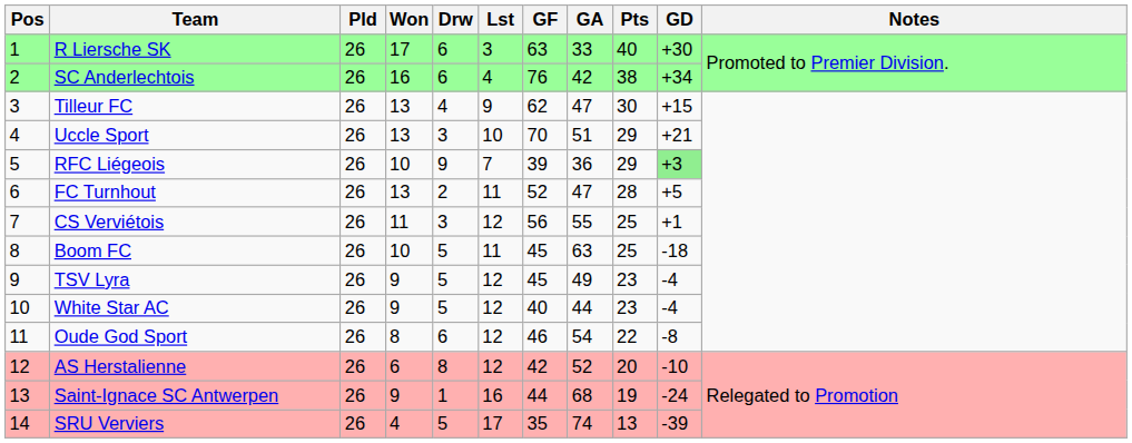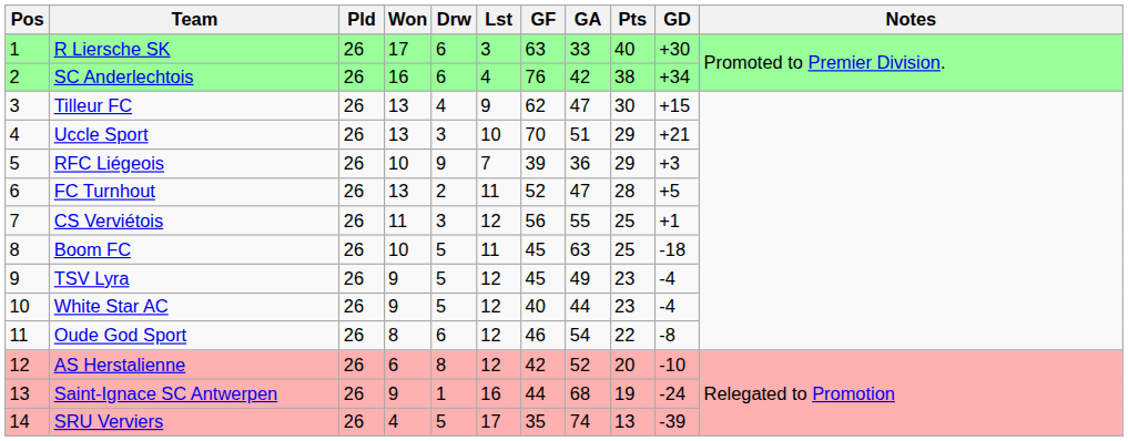 <table class="wikitable" width=70% style="font-size:90%">
 <tr>
 <th width=4%><strong>Pos</strong></th>
 <th width=26%><strong>Team</strong></th>
 <th width=4%><strong>Pld</strong></th>
 <th width=4%><strong>Won</strong></th>
 <th width=4%><strong>Drw</strong></th>
 <th width=4%><strong>Lst</strong></th>
 <th width=4%><strong>GF</strong></th>
 <th width=4%><strong>GA</strong></th>
 <th width=4%><strong>Pts</strong></th>
 <th width=4%><strong>GD</strong></th>
 <th width=38%><strong>Notes</strong></th>
 </tr>
 <tr bgcolor=#99ff99>
 <td>1</td>
 <td><a href='#'>R Liersche SK</a></td>
 <td>26</td>
 <td>17</td>
 <td>6</td>
 <td>3</td>
 <td>63</td>
 <td>33</td>
 <td>40</td>
 <td>+30</td>
 <td rowspan=2>Promoted to <a href='#'>Premier Division</a>.</td>
 </tr>
 <tr bgcolor=#99ff99>
 <td>2</td>
 <td><a href='#'>SC Anderlechtois</a></td>
 <td>26</td>
 <td>16</td>
 <td>6</td>
 <td>4</td>
 <td>76</td>
 <td>42</td>
 <td>38</td>
 <td>+34</td>
 </tr>
 <tr>
 <td>3</td>
 <td><a href='#'>Tilleur FC</a></td>
 <td>26</td>
 <td>13</td>
 <td>4</td>
 <td>9</td>
 <td>62</td>
 <td>47</td>
 <td>30</td>
 <td>+15</td>
 </tr>
 <tr>
 <td>4</td>
 <td><a href='#'>Uccle Sport</a></td>
 <td>26</td>
 <td>13</td>
 <td>3</td>
 <td>10</td>
 <td>70</td>
 <td>51</td>
 <td>29</td>
 <td>+21</td>
 </tr>
 <tr>
 <td>5</td>
 <td><a href='#'>RFC Liégeois</a></td>
 <td>26</td>
 <td>10</td>
 <td>9</td>
 <td>7</td>
 <td>39</td>
 <td>36</td>
 <td>29</td>
-<td style="background: lightgreen;">+3</td>
+<td>+3</td>
 </tr>
 <tr>
 <td>6</td>
 <td><a href='#'>FC Turnhout</a></td>
 <td>26</td>
 <td>13</td>
 <td>2</td>
 <td>11</td>
 <td>52</td>
 <td>47</td>
 <td>28</td>
 <td>+5</td>
 </tr>
 <tr>
 <td>7</td>
 <td><a href='#'>CS Verviétois</a></td>
 <td>26</td>
 <td>11</td>
 <td>3</td>
 <td>12</td>
 <td>56</td>
 <td>55</td>
 <td>25</td>
 <td>+1</td>
 </tr>
 <tr>
 <td>8</td>
 <td><a href='#'>Boom FC</a></td>
 <td>26</td>
 <td>10</td>
 <td>5</td>
 <td>11</td>
 <td>45</td>
 <td>63</td>
 <td>25</td>
 <td>-18</td>
 </tr>
 <tr>
 <td>9</td>
 <td><a href='#'>TSV Lyra</a></td>
 <td>26</td>
 <td>9</td>
 <td>5</td>
 <td>12</td>
 <td>45</td>
 <td>49</td>
 <td>23</td>
 <td>-4</td>
 </tr>
 <tr>
 <td>10</td>
 <td><a href='#'>White Star AC</a></td>
 <td>26</td>
 <td>9</td>
 <td>5</td>
 <td>12</td>
 <td>40</td>
 <td>44</td>
 <td>23</td>
 <td>-4</td>
 </tr>
 <tr>
 <td>11</td>
 <td><a href='#'>Oude God Sport</a></td>
 <td>26</td>
 <td>8</td>
 <td>6</td>
 <td>12</td>
 <td>46</td>
 <td>54</td>
 <td>22</td>
 <td>-8</td>
 </tr>
 <tr bgcolor=#ffb0b0>
 <td>12</td>
 <td><a href='#'>AS Herstalienne</a></td>
 <td>26</td>
 <td>6</td>
 <td>8</td>
 <td>12</td>
 <td>42</td>
 <td>52</td>
 <td>20</td>
 <td>-10</td>
 <td rowspan=3>Relegated to <a href='#'>Promotion</a></td>
 </tr>
 <tr bgcolor=#ffb0b0>
 <td>13</td>
 <td><a href='#'>Saint-Ignace SC Antwerpen</a></td>
 <td>26</td>
 <td>9</td>
 <td>1</td>
 <td>16</td>
 <td>44</td>
 <td>68</td>
 <td>19</td>
 <td>-24</td>
 </tr>
 <tr bgcolor=#ffb0b0>
 <td>14</td>
 <td><a href='#'>SRU Verviers</a></td>
 <td>26</td>
 <td>4</td>
 <td>5</td>
 <td>17</td>
 <td>35</td>
 <td>74</td>
 <td>13</td>
 <td>-39</td>
 </tr>
 </table>
